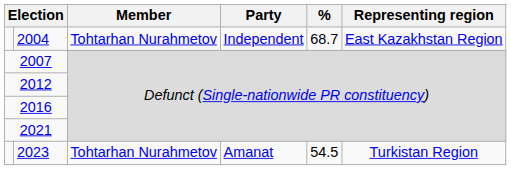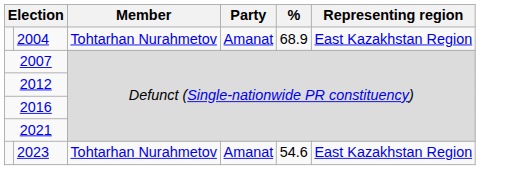 <table class="wikitable">
 <tr>
 <th colspan="2">Election</th>
 <th>Member</th>
 <th>Party</th>
 <th>%</th>
 <th>Representing region</th>
 </tr>
 <tr>
 <td style="background-color: "></td>
 <td><a href='#'>2004</a></td>
 <td><a href='#'>Tohtarhan Nurahmetov</a></td>
-<td><a href='#'>Independent</a></td>
-<td align="right">68.7</td>
+<td><a href='#'>Amanat</a></td>
+<td align="right">68.9</td>
 <td align="center"><a href='#'>East Kazakhstan Region</a></td>
 </tr>
 <tr>
 <td colspan="2" align="center"><a href='#'>2007</a></td>
 <td colspan="4" rowspan="4" align="center" style="background-color:#DCDCDC"><em>Defunct (<a href='#'>Single-nationwide PR constituency</a>)</em></td>
 </tr>
 <tr>
 <td colspan="2" align="center"><a href='#'>2012</a></td>
 </tr>
 <tr>
 <td colspan="2" align="center"><a href='#'>2016</a></td>
 </tr>
 <tr>
 <td colspan="2" align="center"><a href='#'>2021</a></td>
 </tr>
 <tr>
 <td style="background-color: "></td>
 <td><a href='#'>2023</a></td>
 <td><a href='#'>Tohtarhan Nurahmetov</a></td>
 <td><a href='#'>Amanat</a></td>
-<td align="right">54.5</td>
-<td align="center"><a href='#'>Turkistan Region</a></td>
+<td align="right">54.6</td>
+<td align="center"><a href='#'>East Kazakhstan Region</a></td>
 </tr>
 </table>
